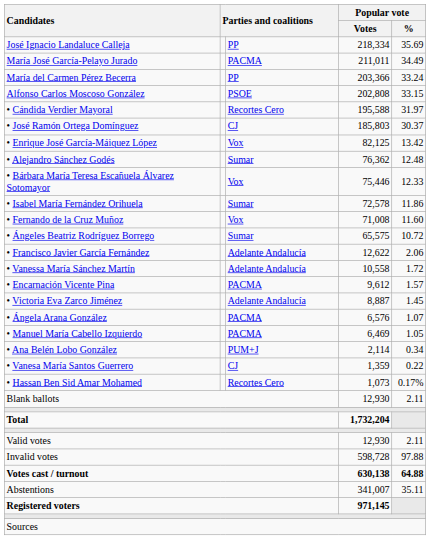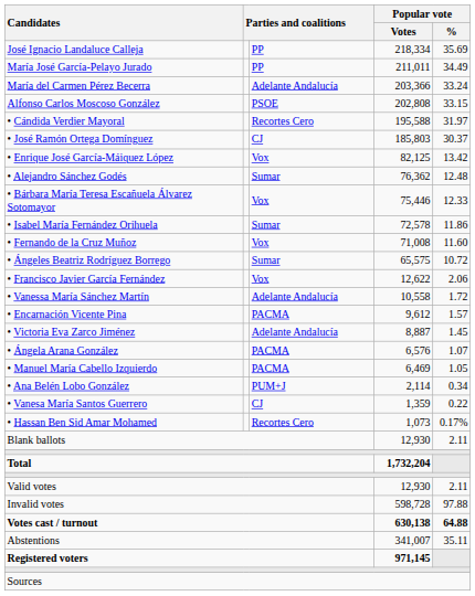 <table class="wikitable" style="text-align:right; font-size:95%;">
 <tr>
 <th style="text-align:left;" rowspan="2" width="325">Candidates</th>
 <th style="text-align:left;" rowspan="2" colspan="2" width="175">Parties and coalitions</th>
 <th colspan="2">Popular vote</th>
 </tr>
 <tr>
 <th width="75">Votes</th>
 <th width="45">%</th>
 </tr>
 <tr>
 <td align="left"> <a href='#'>José Ignacio Landaluce Calleja</a></td>
 <td width="1" style="color:inherit;background:"></td>
 <td align="left"><a href='#'>PP</a></td>
 <td>218,334</td>
 <td>35.69</td>
 </tr>
 <tr>
 <td align="left"> <a href='#'>María José García-Pelayo Jurado</a></td>
 <td width="1" style="color:inherit;background:"></td>
-<td align="left"><a href='#'>PACMA</a></td>
+<td align="left"><a href='#'>PP</a></td>
 <td>211,011</td>
 <td>34.49</td>
 </tr>
 <tr>
 <td align="left"> <a href='#'>María del Carmen Pérez Becerra</a></td>
 <td width="1" style="color:inherit;background:"></td>
-<td align="left"><a href='#'>PP</a></td>
+<td align="left"><a href='#'>Adelante Andalucía</a></td>
 <td>203,366</td>
 <td>33.24</td>
 </tr>
 <tr>
 <td align="left"> <a href='#'>Alfonso Carlos Moscoso González</a></td>
 <td width="1" style="color:inherit;background:"></td>
 <td align="left"><a href='#'>PSOE</a></td>
 <td>202,808</td>
 <td>33.15</td>
 </tr>
 <tr>
 <td align="left">• <a href='#'>Cándida Verdier Mayoral</a></td>
 <td width="1" style="color:inherit;background:"></td>
 <td align="left"><a href='#'>Recortes Cero</a></td>
 <td>195,588</td>
 <td>31.97</td>
 </tr>
 <tr>
 <td align="left">• <a href='#'>José Ramón Ortega Domínguez</a></td>
 <td width="1" style="color:inherit;background:"></td>
 <td align="left"><a href='#'>CJ</a></td>
 <td>185,803</td>
 <td>30.37</td>
 </tr>
 <tr>
 <td align="left">• <a href='#'>Enrique José García-Máiquez López</a></td>
 <td width="1" style="color:inherit;background:"></td>
 <td align="left"><a href='#'>Vox</a></td>
 <td>82,125</td>
 <td>13.42</td>
 </tr>
 <tr>
 <td align="left">• <a href='#'>Alejandro Sánchez Godés</a></td>
 <td width="1" style="color:inherit;background:"></td>
 <td align="left"><a href='#'>Sumar</a></td>
 <td>76,362</td>
 <td>12.48</td>
 </tr>
 <tr>
 <td align="left">• <a href='#'>Bárbara María Teresa Escañuela Álvarez Sotomayor</a></td>
 <td width="1" style="color:inherit;background:"></td>
 <td align="left"><a href='#'>Vox</a></td>
 <td>75,446</td>
 <td>12.33</td>
 </tr>
 <tr>
 <td align="left">• <a href='#'>Isabel María Fernández Orihuela</a></td>
 <td width="1" style="color:inherit;background:"></td>
 <td align="left"><a href='#'>Sumar</a></td>
 <td>72,578</td>
 <td>11.86</td>
 </tr>
 <tr>
 <td align="left">• <a href='#'>Fernando de la Cruz Muñoz</a></td>
 <td width="1" style="color:inherit;background:"></td>
 <td align="left"><a href='#'>Vox</a></td>
 <td>71,008</td>
 <td>11.60</td>
 </tr>
 <tr>
 <td align="left">• <a href='#'>Ángeles Beatriz Rodríguez Borrego</a></td>
 <td width="1" style="color:inherit;background:"></td>
 <td align="left"><a href='#'>Sumar</a></td>
 <td>65,575</td>
 <td>10.72</td>
 </tr>
 <tr>
 <td align="left">• <a href='#'>Francisco Javier García Fernández</a></td>
 <td width="1" style="color:inherit;background:"></td>
-<td align="left"><a href='#'>Adelante Andalucía</a></td>
+<td align="left"><a href='#'>Vox</a></td>
 <td>12,622</td>
 <td>2.06</td>
 </tr>
 <tr>
 <td align="left">• <a href='#'>Vanessa María Sánchez Martín</a></td>
 <td width="1" style="color:inherit;background:"></td>
 <td align="left"><a href='#'>Adelante Andalucía</a></td>
 <td>10,558</td>
 <td>1.72</td>
 </tr>
 <tr>
 <td align="left">• <a href='#'>Encarnación Vicente Pina</a></td>
 <td width="1" style="color:inherit;background:"></td>
 <td align="left"><a href='#'>PACMA</a></td>
 <td>9,612</td>
 <td>1.57</td>
 </tr>
 <tr>
 <td align="left">• <a href='#'>Victoria Eva Zarco Jiménez</a></td>
 <td width="1" style="color:inherit;background:"></td>
 <td align="left"><a href='#'>Adelante Andalucía</a></td>
 <td>8,887</td>
 <td>1.45</td>
 </tr>
 <tr>
 <td align="left">• <a href='#'>Ángela Arana González</a></td>
 <td width="1" style="color:inherit;background:"></td>
 <td align="left"><a href='#'>PACMA</a></td>
 <td>6,576</td>
 <td>1.07</td>
 </tr>
 <tr>
 <td align="left">• <a href='#'>Manuel María Cabello Izquierdo</a></td>
 <td width="1" style="color:inherit;background:"></td>
 <td align="left"><a href='#'>PACMA</a></td>
 <td>6,469</td>
 <td>1.05</td>
 </tr>
 <tr>
 <td align="left">• <a href='#'>Ana Belén Lobo González</a></td>
 <td width="1" style="color:inherit;background:"></td>
 <td align="left"><a href='#'>PUM+J</a></td>
 <td>2,114</td>
 <td>0.34</td>
 </tr>
 <tr>
 <td align="left">• <a href='#'>Vanesa María Santos Guerrero</a></td>
 <td width="1" style="color:inherit;background:"></td>
 <td align="left"><a href='#'>CJ</a></td>
 <td>1,359</td>
 <td>0.22</td>
 </tr>
 <tr>
 <td align="left">• <a href='#'>Hassan Ben Sid Amar Mohamed</a></td>
 <td width="1" style="color:inherit;background:"></td>
 <td align="left"><a href='#'>Recortes Cero</a></td>
 <td>1,073</td>
 <td>0.17%</td>
 </tr>
 <tr>
 <td align="left" colspan="3">Blank ballots</td>
 <td>12,930</td>
 <td>2.11</td>
 </tr>
 <tr>
 <td colspan="5" bgcolor="#E9E9E9"></td>
 </tr>
 <tr style="font-weight:bold;">
 <td align="left" colspan="3">Total</td>
 <td>1,732,204</td>
 <td bgcolor="#E9E9E9"></td>
 </tr>
 <tr>
 <td colspan="5" bgcolor="#E9E9E9"></td>
 </tr>
 <tr>
 <td align="left" colspan="3">Valid votes</td>
 <td>12,930</td>
 <td>2.11</td>
 </tr>
 <tr>
 <td align="left" colspan="3">Invalid votes</td>
 <td>598,728</td>
 <td>97.88</td>
 </tr>
 <tr style="font-weight:bold;">
 <td align="left" colspan="3">Votes cast / turnout</td>
 <td>630,138</td>
 <td>64.88</td>
 </tr>
 <tr>
 <td align="left" colspan="3">Abstentions</td>
 <td>341,007</td>
 <td>35.11</td>
 </tr>
 <tr style="font-weight:bold;">
 <td align="left" colspan="3">Registered voters</td>
 <td>971,145</td>
 <td bgcolor="#E9E9E9"></td>
 </tr>
 <tr>
 <td colspan="5" bgcolor="#E9E9E9"></td>
 </tr>
 <tr>
 <td align="left" colspan="5">Sources</td>
 </tr>
 </table>
